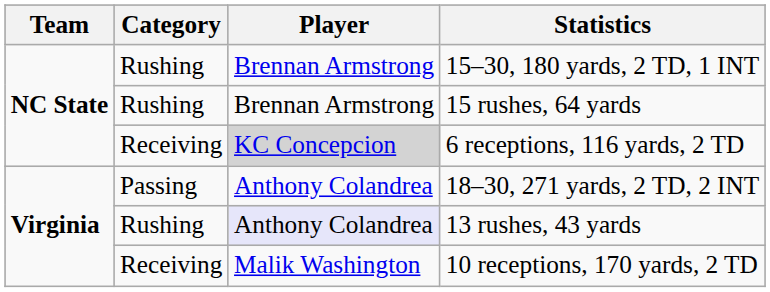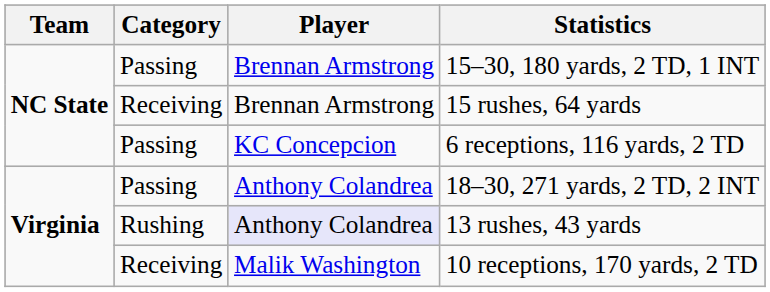 <table class="wikitable" style="float: right;">
 <tr>
 <th>Team</th>
 <th>Category</th>
 <th>Player</th>
 <th>Statistics</th>
 </tr>
 <tr>
 <td rowspan=3><strong>NC State</strong></td>
-<td>Rushing</td>
+<td>Passing</td>
 <td><a href='#'>Brennan Armstrong</a></td>
 <td>15–30, 180 yards, 2 TD, 1 INT</td>
 </tr>
 <tr>
-<td>Rushing</td>
+<td>Receiving</td>
 <td>Brennan Armstrong</td>
 <td>15 rushes, 64 yards</td>
 </tr>
 <tr>
-<td>Receiving</td>
-<td style="background: lightgrey;"><a href='#'>KC Concepcion</a></td>
+<td>Passing</td>
+<td><a href='#'>KC Concepcion</a></td>
 <td>6 receptions, 116 yards, 2 TD</td>
 </tr>
 <tr>
 <td rowspan=3><strong>Virginia</strong></td>
 <td>Passing</td>
 <td><a href='#'>Anthony Colandrea</a></td>
 <td>18–30, 271 yards, 2 TD, 2 INT</td>
 </tr>
 <tr>
 <td>Rushing</td>
 <td style="background: lavender;">Anthony Colandrea</td>
 <td>13 rushes, 43 yards</td>
 </tr>
 <tr>
 <td>Receiving</td>
 <td><a href='#'>Malik Washington</a></td>
 <td>10 receptions, 170 yards, 2 TD</td>
 </tr>
 </table>
